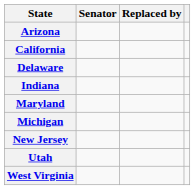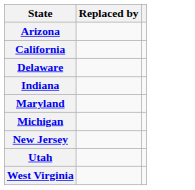 <table class="wikitable sortable plainrowheaders">
 <tr>
 <th scope="col">State</th>
-<th scope="col">Senator</th>
 <th scope="col">Replaced by</th>
 <th scope="col"></th>
 </tr>
 <tr>
 <th><a href='#'>Arizona</a></th>
 <td></td>
-<td></td>
 <td style="text-align:center;"></td>
 </tr>
 <tr>
 <th><a href='#'>California</a></th>
-<td></td>
 <td></td>
 <td style="text-align:center;"></td>
 </tr>
 <tr>
 <th><a href='#'>Delaware</a></th>
 <td></td>
-<td></td>
 <td style="text-align:center;"></td>
 </tr>
 <tr>
 <th><a href='#'>Indiana</a></th>
-<td></td>
 <td></td>
 <td style="text-align:center;"></td>
 </tr>
 <tr>
 <th><a href='#'>Maryland</a></th>
 <td></td>
-<td></td>
 <td style="text-align:center;"></td>
 </tr>
 <tr>
 <th><a href='#'>Michigan</a></th>
-<td></td>
 <td></td>
 <td style="text-align:center;"></td>
 </tr>
 <tr>
 <th><a href='#'>New Jersey</a></th>
 <td></td>
-<td></td>
 <td style="text-align:center;"></td>
 </tr>
 <tr>
 <th><a href='#'>Utah</a></th>
-<td></td>
 <td></td>
 <td style="text-align:center;"></td>
 </tr>
 <tr>
 <th><a href='#'>West Virginia</a></th>
 <td></td>
-<td></td>
 <td style="text-align:center;"></td>
 </tr>
 </table>
